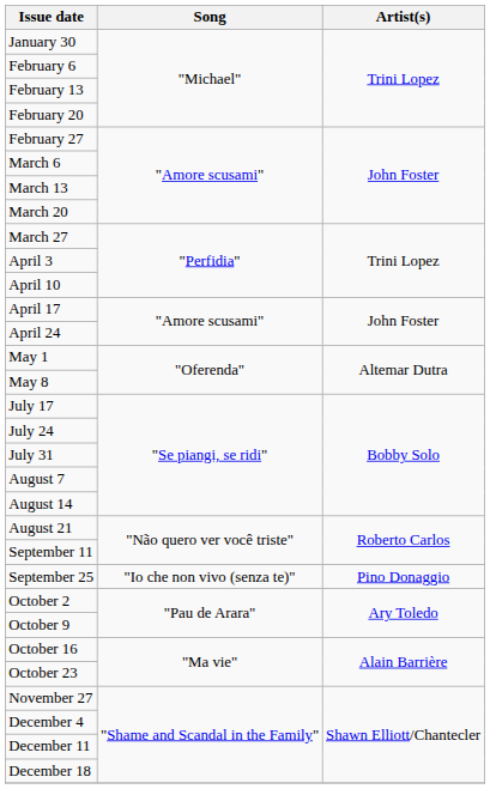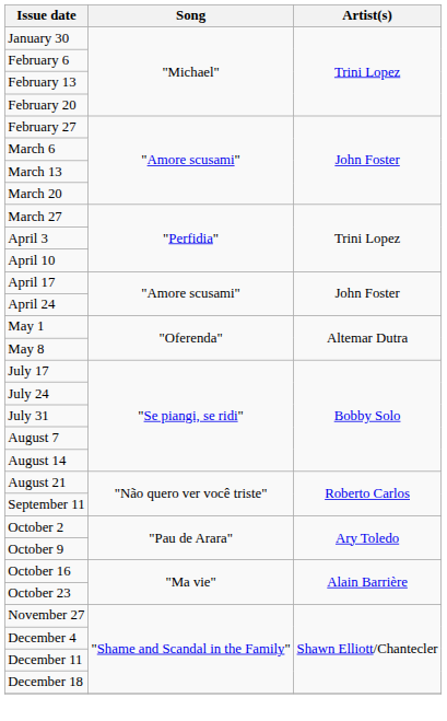 <table class="wikitable">
 <tr>
 <th>Issue date</th>
 <th>Song</th>
 <th>Artist(s)</th>
 </tr>
 <tr>
 <td>January 30</td>
 <td align="center" rowspan="4">"Michael"</td>
 <td align="center" rowspan="4"><a href='#'>Trini Lopez</a></td>
 </tr>
 <tr>
 <td>February 6</td>
 </tr>
 <tr>
 <td>February 13</td>
 </tr>
 <tr>
 <td>February 20</td>
 </tr>
 <tr>
 <td>February 27</td>
 <td align="center" rowspan="4">"<a href='#'>Amore scusami</a>"</td>
 <td align="center" rowspan="4"><a href='#'>John Foster</a></td>
 </tr>
 <tr>
 <td>March 6</td>
 </tr>
 <tr>
 <td>March 13</td>
 </tr>
 <tr>
 <td>March 20</td>
 </tr>
 <tr>
 <td>March 27</td>
 <td align="center" rowspan="3">"<a href='#'>Perfidia</a>"</td>
 <td align="center" rowspan="3">Trini Lopez</td>
 </tr>
 <tr>
 <td>April 3</td>
 </tr>
 <tr>
 <td>April 10</td>
 </tr>
 <tr>
 <td>April 17</td>
 <td align="center" rowspan="2">"Amore scusami"</td>
 <td align="center" rowspan="2">John Foster</td>
 </tr>
 <tr>
 <td>April 24</td>
 </tr>
 <tr>
 <td>May 1</td>
 <td align="center" rowspan="2">"Oferenda"</td>
 <td align="center" rowspan="2">Altemar Dutra</td>
 </tr>
 <tr>
 <td>May 8</td>
 </tr>
 <tr>
 <td>July 17</td>
 <td align="center" rowspan="5">"<a href='#'>Se piangi, se ridi</a>"</td>
 <td align="center" rowspan="5"><a href='#'>Bobby Solo</a></td>
 </tr>
 <tr>
 <td>July 24</td>
 </tr>
 <tr>
 <td>July 31</td>
 </tr>
 <tr>
 <td>August 7</td>
 </tr>
 <tr>
 <td>August 14</td>
 </tr>
 <tr>
 <td>August 21</td>
 <td align="center" rowspan="2">"Não quero ver você triste"</td>
 <td align="center" rowspan="2"><a href='#'>Roberto Carlos</a></td>
 </tr>
 <tr>
 <td>September 11</td>
 </tr>
 <tr>
-<td>September 25</td>
-<td align="center" rowspan="1">"Io che non vivo (senza te)"</td>
-<td align="center" rowspan="1"><a href='#'>Pino Donaggio</a></td>
-</tr>
-<tr>
 <td>October 2</td>
 <td align="center" rowspan="2">"Pau de Arara"</td>
 <td align="center" rowspan="2"><a href='#'>Ary Toledo</a></td>
 </tr>
 <tr>
 <td>October 9</td>
 </tr>
 <tr>
 <td>October 16</td>
 <td align="center" rowspan="2">"Ma vie"</td>
 <td align="center" rowspan="2"><a href='#'>Alain Barrière</a></td>
 </tr>
 <tr>
 <td>October 23</td>
 </tr>
 <tr>
 <td>November 27</td>
 <td align="center" rowspan="4">"<a href='#'>Shame and Scandal in the Family</a>"</td>
 <td align="center" rowspan="4"><a href='#'>Shawn Elliott</a>/Chantecler</td>
 </tr>
 <tr>
 <td>December 4</td>
 </tr>
 <tr>
 <td>December 11</td>
 </tr>
 <tr>
 <td>December 18</td>
 </tr>
 <tr>
 </tr>
 </table>
